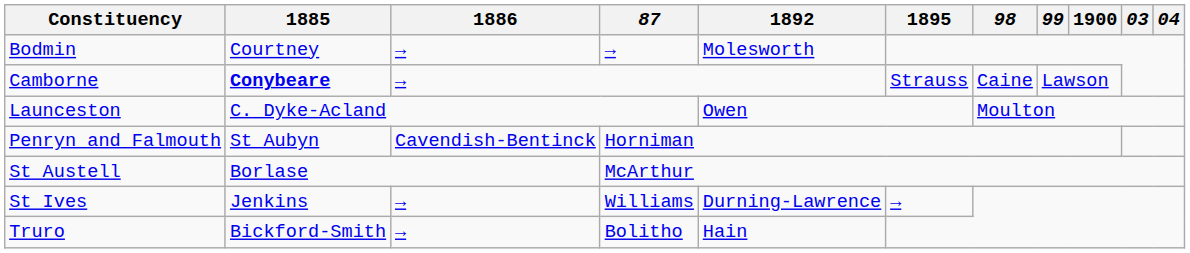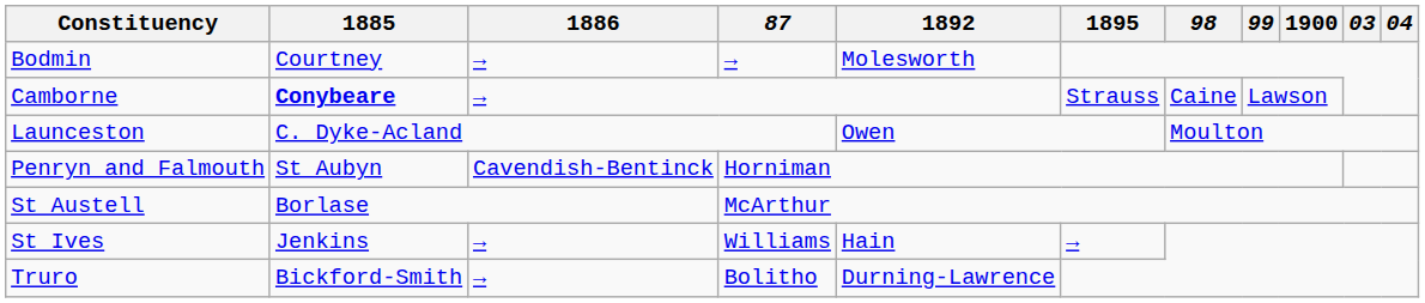 <table class="wikitable">
 <tr>
 <th>Constituency</th>
 <th>1885</th>
 <th>1886</th>
 <th><em>87</em></th>
 <th>1892</th>
 <th>1895</th>
 <th><em>98</em></th>
 <th><em>99</em></th>
 <th>1900</th>
 <th><em>03</em></th>
 <th><em>04</em></th>
 </tr>
 <tr>
 <td><a href='#'>Bodmin</a></td>
 <td><a href='#'>Courtney</a></td>
 <td><a href='#'>→</a></td>
 <td><a href='#'>→</a></td>
 <td><a href='#'>Molesworth</a></td>
 </tr>
 <tr>
 <td><a href='#'>Camborne</a></td>
 <td><strong><a href='#'>Conybeare</a></strong></td>
 <td colspan="3"><a href='#'>→</a></td>
 <td><a href='#'>Strauss</a></td>
 <td><a href='#'>Caine</a></td>
 <td colspan="2"><a href='#'>Lawson</a></td>
 </tr>
 <tr>
 <td><a href='#'>Launceston</a></td>
 <td colspan="3"><a href='#'>C. Dyke-Acland</a></td>
 <td colspan="2"><a href='#'>Owen</a></td>
 <td colspan="5"><a href='#'>Moulton</a></td>
 </tr>
 <tr>
 <td><a href='#'>Penryn and Falmouth</a></td>
 <td bgcolor=><a href='#'>St Aubyn</a></td>
 <td><a href='#'>Cavendish-Bentinck</a></td>
 <td colspan="6"><a href='#'>Horniman</a></td>
 </tr>
 <tr>
 <td><a href='#'>St Austell</a></td>
 <td colspan="2"><a href='#'>Borlase</a></td>
 <td colspan="8"><a href='#'>McArthur</a></td>
 </tr>
 <tr>
 <td><a href='#'>St Ives</a></td>
 <td bgcolor=><a href='#'>Jenkins</a></td>
 <td><a href='#'>→</a></td>
 <td><a href='#'>Williams</a></td>
-<td><a href='#'>Durning-Lawrence</a></td>
+<td><a href='#'>Hain</a></td>
 <td><a href='#'>→</a></td>
 </tr>
 <tr>
 <td><a href='#'>Truro</a></td>
 <td bgcolor=><a href='#'>Bickford-Smith</a></td>
 <td><a href='#'>→</a></td>
 <td><a href='#'>Bolitho</a></td>
-<td><a href='#'>Hain</a></td>
+<td><a href='#'>Durning-Lawrence</a></td>
 </tr>
 </table>
